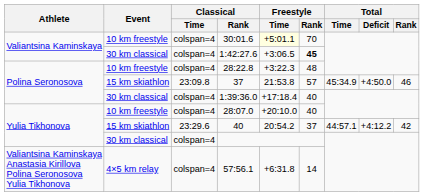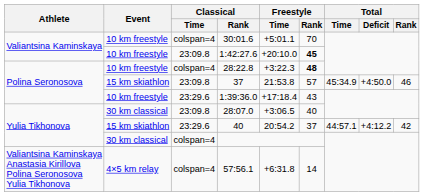 <table class="wikitable" style="font-size:90%">
 <tr>
 <th rowspan=2>Athlete</th>
 <th rowspan=2>Event</th>
 <th colspan=2>Classical</th>
 <th colspan=2>Freestyle</th>
 <th colspan=3>Total</th>
 </tr>
 <tr style="font-size:95%">
 <th>Time</th>
 <th>Rank</th>
 <th>Time</th>
 <th>Rank</th>
 <th>Time</th>
 <th>Deficit</th>
 <th>Rank</th>
 </tr>
 <tr align=center>
 <td align=left rowspan=2><a href='#'>Valiantsina Kaminskaya</a></td>
 <td align=left><a href='#'>10 km freestyle</a></td>
 <td>colspan=4 </td>
 <td>30:01.6</td>
-<td style="background: lightyellow;">+5:01.1</td>
+<td>+5:01.1</td>
 <td>70</td>
 </tr>
 <tr align=center>
-<td align=left><a href='#'>30 km classical</a></td>
-<td>colspan=4 </td>
+<td align=left><a href='#'>10 km freestyle</a></td>
+<td>23:09.8</td>
 <td>1:42:27.6</td>
-<td>+3:06.5</td>
+<td>+20:10.0</td>
 <td><strong>45</strong></td>
 </tr>
 <tr align=center>
 <td align=left rowspan=3><a href='#'>Polina Seronosova</a></td>
 <td align=left><a href='#'>10 km freestyle</a></td>
 <td>colspan=4 </td>
 <td>28:22.8</td>
 <td>+3:22.3</td>
-<td>48</td>
+<td><strong>48</strong></td>
 </tr>
 <tr align=center>
 <td align=left><a href='#'>15 km skiathlon</a></td>
 <td>23:09.8</td>
 <td>37</td>
 <td>21:53.8</td>
 <td>57</td>
 <td>45:34.9</td>
 <td>+4:50.0</td>
 <td>46</td>
 </tr>
 <tr align=center>
-<td align=left><a href='#'>30 km classical</a></td>
-<td>colspan=4 </td>
+<td align=left><a href='#'>10 km freestyle</a></td>
+<td>23:29.6</td>
 <td>1:39:36.0</td>
 <td>+17:18.4</td>
-<td>40</td>
+<td>43</td>
 </tr>
 <tr align=center>
 <td align=left rowspan=3><a href='#'>Yulia Tikhonova</a></td>
-<td align=left><a href='#'>10 km freestyle</a></td>
-<td>colspan=4 </td>
+<td align=left><a href='#'>30 km classical</a></td>
+<td>23:09.8</td>
 <td>28:07.0</td>
-<td>+20:10.0</td>
+<td>+3:06.5</td>
 <td>40</td>
 </tr>
 <tr align=center>
 <td align=left><a href='#'>15 km skiathlon</a></td>
 <td>23:29.6</td>
 <td>40</td>
 <td>20:54.2</td>
 <td>37</td>
 <td>44:57.1</td>
 <td>+4:12.2</td>
 <td>42</td>
 </tr>
 <tr align=center>
 <td align=left><a href='#'>30 km classical</a></td>
 <td>colspan=4 </td>
 <td colspan=3></td>
 </tr>
 <tr align=center>
 <td align=left><a href='#'>Valiantsina Kaminskaya</a><br><a href='#'>Anastasia Kirillova</a><br><a href='#'>Polina Seronosova</a><br><a href='#'>Yulia Tikhonova</a></td>
 <td align=left><a href='#'>4×5 km relay</a></td>
 <td>colspan=4 </td>
 <td>57:56.1</td>
 <td>+6:31.8</td>
 <td>14</td>
 </tr>
 </table>
